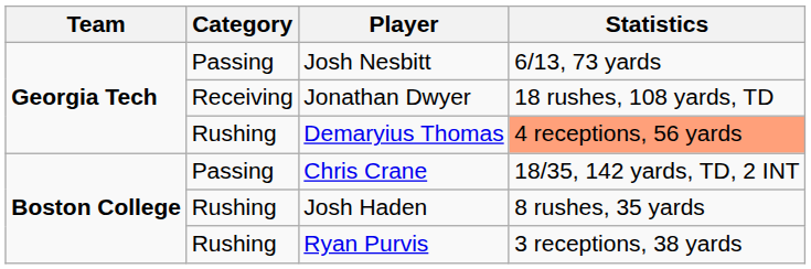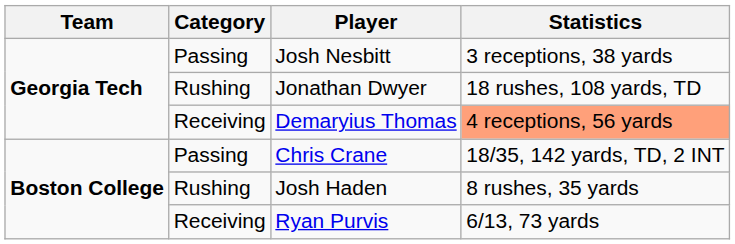 <table class="wikitable" style="float: right;">
 <tr>
 <th>Team</th>
 <th>Category</th>
 <th>Player</th>
 <th>Statistics</th>
 </tr>
 <tr>
 <td rowspan=3><strong>Georgia Tech</strong></td>
 <td>Passing</td>
 <td>Josh Nesbitt</td>
-<td>6/13, 73 yards</td>
+<td>3 receptions, 38 yards</td>
 </tr>
 <tr>
-<td>Receiving</td>
+<td>Rushing</td>
 <td>Jonathan Dwyer</td>
 <td>18 rushes, 108 yards, TD</td>
 </tr>
 <tr>
-<td>Rushing</td>
+<td>Receiving</td>
 <td><a href='#'>Demaryius Thomas</a></td>
 <td style="background: lightsalmon;">4 receptions, 56 yards</td>
 </tr>
 <tr>
 <td rowspan=3><strong>Boston College</strong></td>
 <td>Passing</td>
 <td><a href='#'>Chris Crane</a></td>
 <td>18/35, 142 yards, TD, 2 INT</td>
 </tr>
 <tr>
 <td>Rushing</td>
 <td>Josh Haden</td>
 <td>8 rushes, 35 yards</td>
 </tr>
 <tr>
-<td>Rushing</td>
+<td>Receiving</td>
 <td><a href='#'>Ryan Purvis</a></td>
-<td>3 receptions, 38 yards</td>
+<td>6/13, 73 yards</td>
 </tr>
 </table>
